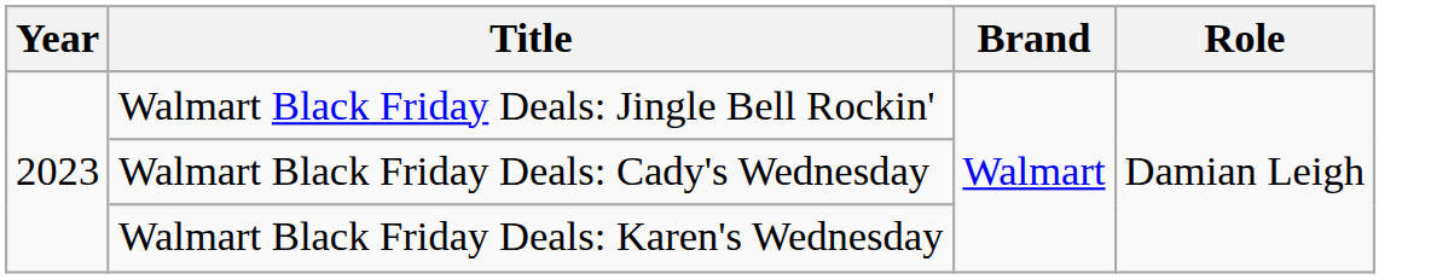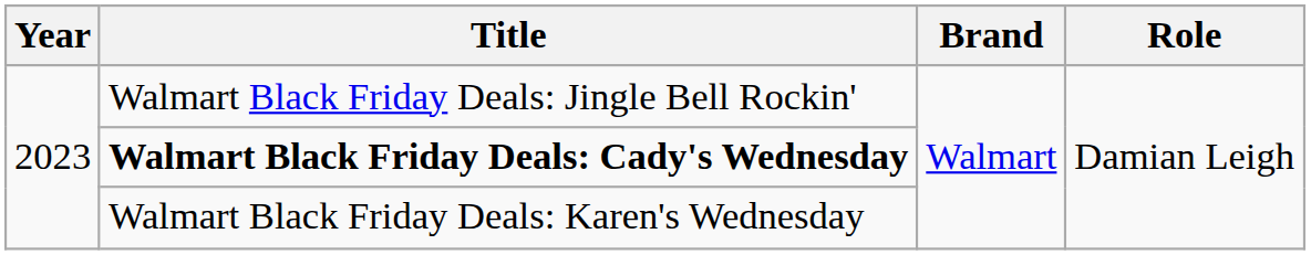 <table class="wikitable">
 <tr>
 <th>Year</th>
 <th>Title</th>
 <th>Brand</th>
 <th>Role</th>
 </tr>
 <tr>
 <td rowspan="3">2023</td>
 <td>Walmart <a href='#'>Black Friday</a> Deals: Jingle Bell Rockin'</td>
 <td rowspan="3"><a href='#'>Walmart</a></td>
 <td rowspan="3">Damian Leigh</td>
 </tr>
 <tr>
-<td>Walmart Black Friday Deals: Cady's Wednesday</td>
+<td><strong>Walmart Black Friday Deals: Cady's Wednesday</strong></td>
 </tr>
 <tr>
 <td>Walmart Black Friday Deals: Karen's Wednesday</td>
 </tr>
 </table>
